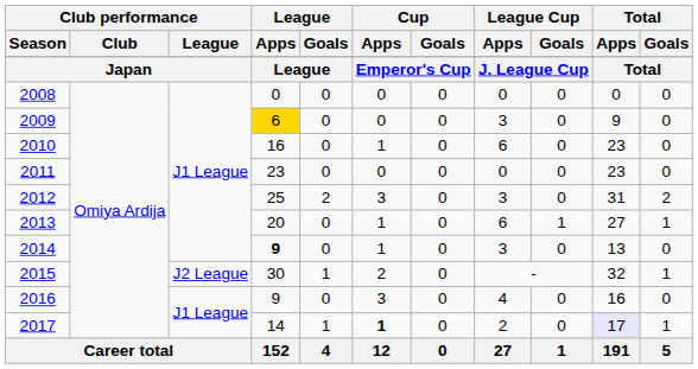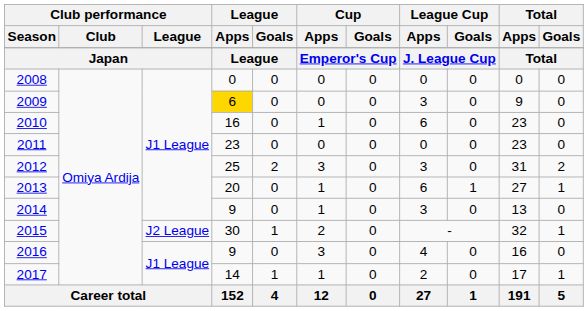 <table class="wikitable" style="text-align:center">
 <tr>
 <th colspan=3>Club performance</th>
 <th colspan=2>League</th>
 <th colspan=2>Cup</th>
 <th colspan=2>League Cup</th>
 <th colspan=2>Total</th>
 </tr>
 <tr>
 <th>Season</th>
 <th>Club</th>
 <th>League</th>
 <th>Apps</th>
 <th>Goals</th>
 <th>Apps</th>
 <th>Goals</th>
 <th>Apps</th>
 <th>Goals</th>
 <th>Apps</th>
 <th>Goals</th>
 </tr>
 <tr>
 </tr>
 <tr>
 <th colspan=3>Japan</th>
 <th colspan=2>League</th>
 <th colspan=2><a href='#'>Emperor's Cup</a></th>
 <th colspan=2><a href='#'>J. League Cup</a></th>
 <th colspan=2>Total</th>
 </tr>
 <tr>
 <td><a href='#'>2008</a></td>
 <td rowspan="10"><a href='#'>Omiya Ardija</a></td>
 <td rowspan="7"><a href='#'>J1 League</a></td>
 <td>0</td>
 <td>0</td>
 <td>0</td>
 <td>0</td>
 <td>0</td>
 <td>0</td>
 <td>0</td>
 <td>0</td>
 </tr>
 <tr>
 <td><a href='#'>2009</a></td>
 <td style="background: gold;">6</td>
 <td>0</td>
 <td>0</td>
 <td>0</td>
 <td>3</td>
 <td>0</td>
 <td>9</td>
 <td>0</td>
 </tr>
 <tr>
 <td><a href='#'>2010</a></td>
 <td>16</td>
 <td>0</td>
 <td>1</td>
 <td>0</td>
 <td>6</td>
 <td>0</td>
 <td>23</td>
 <td>0</td>
 </tr>
 <tr>
 <td><a href='#'>2011</a></td>
 <td>23</td>
 <td>0</td>
 <td>0</td>
 <td>0</td>
 <td>0</td>
 <td>0</td>
 <td>23</td>
 <td>0</td>
 </tr>
 <tr>
 <td><a href='#'>2012</a></td>
 <td>25</td>
 <td>2</td>
 <td>3</td>
 <td>0</td>
 <td>3</td>
 <td>0</td>
 <td>31</td>
 <td>2</td>
 </tr>
 <tr>
 <td><a href='#'>2013</a></td>
 <td>20</td>
 <td>0</td>
 <td>1</td>
 <td>0</td>
 <td>6</td>
 <td>1</td>
 <td>27</td>
 <td>1</td>
 </tr>
 <tr>
 <td><a href='#'>2014</a></td>
-<td><strong>9</strong></td>
+<td>9</td>
 <td>0</td>
 <td>1</td>
 <td>0</td>
 <td>3</td>
 <td>0</td>
 <td>13</td>
 <td>0</td>
 </tr>
 <tr>
 <td><a href='#'>2015</a></td>
 <td><a href='#'>J2 League</a></td>
 <td>30</td>
 <td>1</td>
 <td>2</td>
 <td>0</td>
 <td colspan="2">-</td>
 <td>32</td>
 <td>1</td>
 </tr>
 <tr>
 <td><a href='#'>2016</a></td>
 <td rowspan="2"><a href='#'>J1 League</a></td>
 <td>9</td>
 <td>0</td>
 <td>3</td>
 <td>0</td>
 <td>4</td>
 <td>0</td>
 <td>16</td>
 <td>0</td>
 </tr>
 <tr>
 <td><a href='#'>2017</a></td>
 <td>14</td>
 <td>1</td>
-<td><strong>1</strong></td>
+<td>1</td>
 <td>0</td>
 <td>2</td>
 <td>0</td>
-<td style="background: lavender;">17</td>
+<td>17</td>
 <td>1</td>
 </tr>
 <tr>
 <th colspan=3>Career total</th>
 <th>152</th>
 <th>4</th>
 <th>12</th>
 <th>0</th>
 <th>27</th>
 <th>1</th>
 <th>191</th>
 <th>5</th>
 </tr>
 </table>
